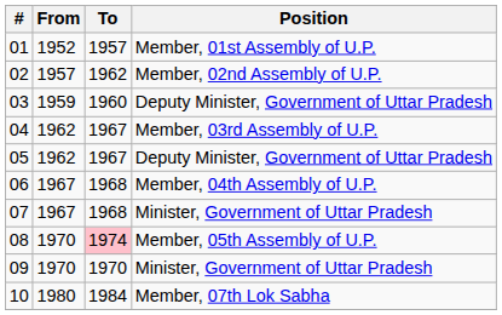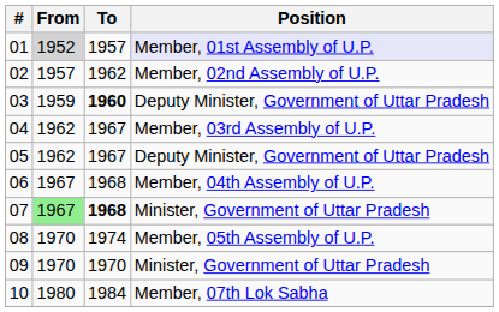 <table class="wikitable sortable">
 <tr>
 <th>#</th>
 <th>From</th>
 <th>To</th>
 <th>Position</th>
 </tr>
 <tr>
 <td>01</td>
-<td>1952</td>
+<td style="background: lightgrey;">1952</td>
 <td>1957</td>
-<td>Member, <a href='#'>01st Assembly of U.P.</a></td>
+<td style="background: lavender;">Member, <a href='#'>01st Assembly of U.P.</a></td>
 </tr>
 <tr>
 <td>02</td>
 <td>1957</td>
 <td>1962</td>
 <td>Member, <a href='#'>02nd Assembly of U.P.</a></td>
 </tr>
 <tr>
 <td>03</td>
 <td>1959</td>
-<td>1960</td>
+<td><strong>1960</strong></td>
 <td>Deputy Minister, <a href='#'>Government of Uttar Pradesh</a></td>
 </tr>
 <tr>
 <td>04</td>
 <td>1962</td>
 <td>1967</td>
 <td>Member, <a href='#'>03rd Assembly of U.P.</a></td>
 </tr>
 <tr>
 <td>05</td>
 <td>1962</td>
 <td>1967</td>
 <td>Deputy Minister, <a href='#'>Government of Uttar Pradesh</a></td>
 </tr>
 <tr>
 <td>06</td>
 <td>1967</td>
 <td>1968</td>
 <td>Member, <a href='#'>04th Assembly of U.P.</a></td>
 </tr>
 <tr>
 <td>07</td>
-<td>1967</td>
-<td>1968</td>
+<td style="background: lightgreen;">1967</td>
+<td><strong>1968</strong></td>
 <td>Minister, <a href='#'>Government of Uttar Pradesh</a></td>
 </tr>
 <tr>
 <td>08</td>
 <td>1970</td>
-<td style="background: pink;">1974</td>
+<td>1974</td>
 <td>Member, <a href='#'>05th Assembly of U.P.</a></td>
 </tr>
 <tr>
 <td>09</td>
 <td>1970</td>
 <td>1970</td>
 <td>Minister, <a href='#'>Government of Uttar Pradesh</a></td>
 </tr>
 <tr>
 <td>10</td>
 <td>1980</td>
 <td>1984</td>
 <td>Member, <a href='#'>07th Lok Sabha</a></td>
 </tr>
 <tr>
 </tr>
 </table>
